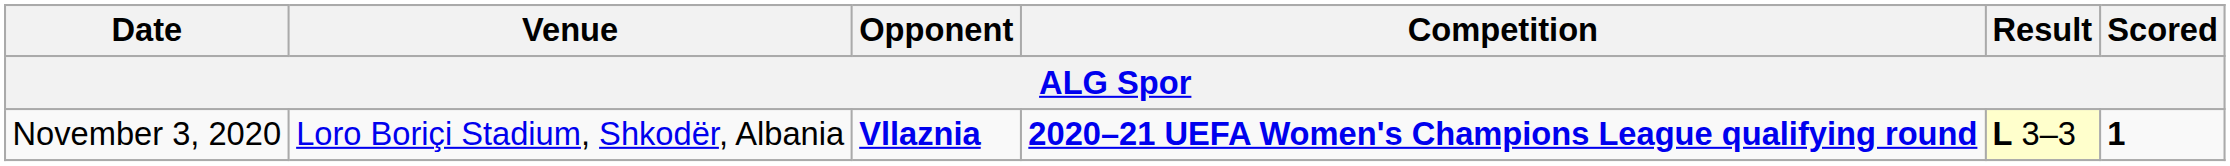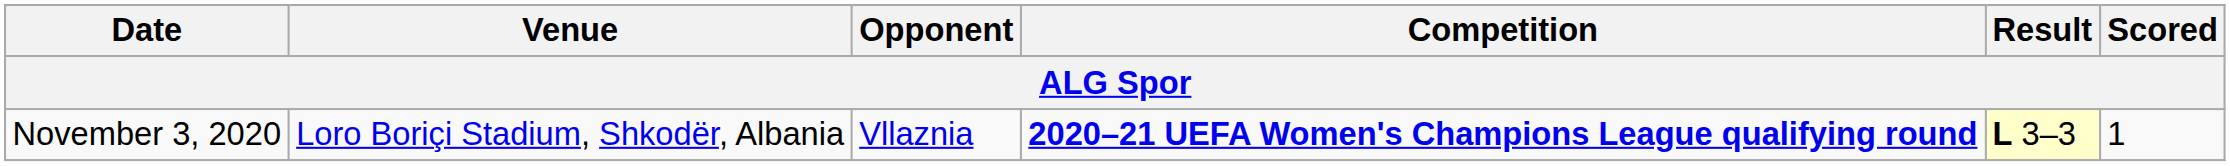 <table class=wikitable>
 <tr>
 <th>Date</th>
 <th>Venue</th>
 <th>Opponent</th>
 <th>Competition</th>
 <th>Result</th>
 <th>Scored</th>
 </tr>
 <tr>
 <th colspan=6><a href='#'>ALG Spor</a></th>
 </tr>
 <tr>
 <td>November 3, 2020</td>
 <td><a href='#'>Loro Boriçi Stadium</a>, <a href='#'>Shkodër</a>, Albania</td>
-<td><strong> <a href='#'>Vllaznia</a></strong></td>
+<td> <a href='#'>Vllaznia</a></td>
 <td><strong><a href='#'>2020–21 UEFA Women's Champions League qualifying round</a></strong></td>
 <td bgcolor=#ffc><strong>L</strong> 3–3  </td>
-<td><strong>1</strong></td>
+<td>1</td>
 </tr>
 </table>
